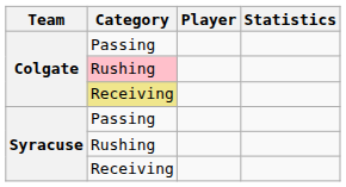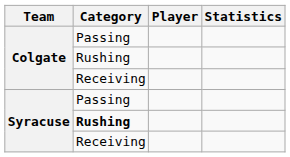 <table class="wikitable" style="float:right">
 <tr>
 <th>Team</th>
 <th>Category</th>
 <th>Player</th>
 <th>Statistics</th>
 </tr>
 <tr>
 <th rowspan=3>Colgate</th>
 <td>Passing</td>
 <td></td>
 <td></td>
 </tr>
 <tr>
-<td style="background: pink;">Rushing</td>
+<td>Rushing</td>
 <td></td>
 <td></td>
 </tr>
 <tr>
-<td style="background: khaki;">Receiving</td>
+<td>Receiving</td>
 <td></td>
 <td></td>
 </tr>
 <tr>
 <th rowspan=3>Syracuse</th>
 <td>Passing</td>
 <td></td>
 <td></td>
 </tr>
 <tr>
-<td>Rushing</td>
+<td><strong>Rushing</strong></td>
 <td></td>
 <td></td>
 </tr>
 <tr>
 <td>Receiving</td>
 <td></td>
 <td></td>
 </tr>
 </table>
